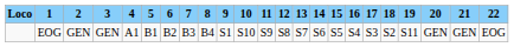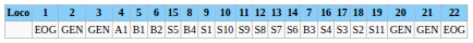 <table class="wikitable plainrowheaders unsortable" style="text-align:center">
 <tr>
 <th scope="col" rowspan="1" style="background:lightskyblue;">Loco</th>
 <th scope="col" rowspan="1" style="background:lightskyblue;">1</th>
 <th scope="col" rowspan="1" style="background:lightskyblue;">2</th>
 <th scope="col" rowspan="1" style="background:lightskyblue;">3</th>
 <th scope="col" rowspan="1" style="background:lightskyblue;">4</th>
 <th scope="col" rowspan="1" style="background:lightskyblue;">5</th>
 <th scope="col" rowspan="1" style="background:lightskyblue;">6</th>
-<th scope="col" rowspan="1" style="background:lightskyblue;">7</th>
+<th scope="col" rowspan="1" style="background:lightskyblue;">15</th>
 <th scope="col" rowspan="1" style="background:lightskyblue;">8</th>
 <th scope="col" rowspan="1" style="background:lightskyblue;">9</th>
 <th scope="col" rowspan="1" style="background:lightskyblue;">10</th>
 <th scope="col" rowspan="1" style="background:lightskyblue;">11</th>
 <th scope="col" rowspan="1" style="background:lightskyblue;">12</th>
 <th scope="col" rowspan="1" style="background:lightskyblue;">13</th>
 <th scope="col" rowspan="1" style="background:lightskyblue;">14</th>
-<th scope="col" rowspan="1" style="background:lightskyblue;">15</th>
+<th scope="col" rowspan="1" style="background:lightskyblue;">7</th>
 <th scope="col" rowspan="1" style="background:lightskyblue;">16</th>
 <th scope="col" rowspan="1" style="background:lightskyblue;">17</th>
 <th scope="col" rowspan="1" style="background:lightskyblue;">18</th>
 <th scope="col" rowspan="1" style="background:lightskyblue;">19</th>
 <th scope="col" rowspan="1"  style="background:lightskyblue;">20</th>
 <th scope="col" rowspan="1" style="background:lightskyblue;">21</th>
 <th scope="col" rowspan="1" style="background:lightskyblue;">22</th>
 </tr>
 <tr>
 <td></td>
 <td>EOG</td>
 <td>GEN</td>
 <td>GEN</td>
 <td>A1</td>
 <td>B1</td>
 <td>B2</td>
-<td>B3</td>
+<td>S5</td>
 <td>B4</td>
 <td>S1</td>
 <td>S10</td>
 <td>S9</td>
 <td>S8</td>
 <td>S7</td>
 <td>S6</td>
-<td>S5</td>
+<td>B3</td>
 <td>S4</td>
 <td>S3</td>
 <td>S2</td>
 <td>S11</td>
 <td>GEN</td>
 <td>GEN</td>
 <td>EOG</td>
 </tr>
 </table>
